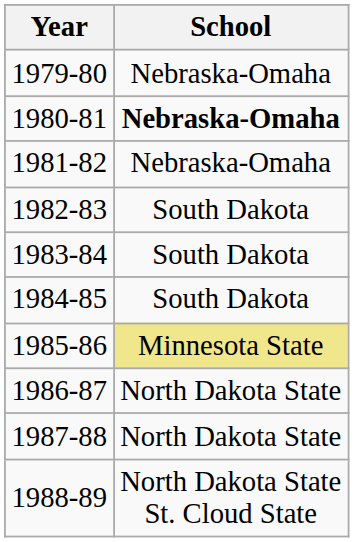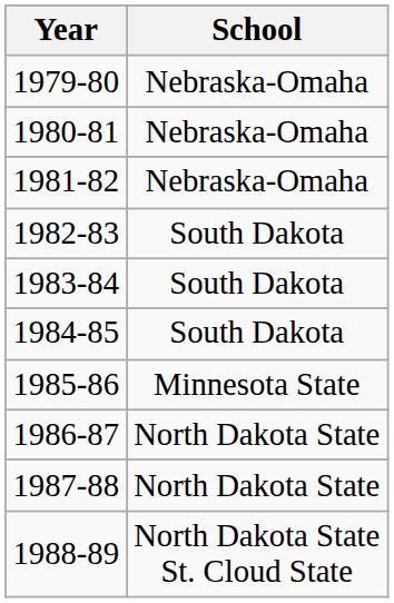 <table class="wikitable" style="text-align:center">
 <tr>
 <th>Year</th>
 <th>School</th>
 </tr>
 <tr>
 <td>1979-80</td>
 <td>Nebraska-Omaha</td>
 </tr>
 <tr>
 <td>1980-81</td>
-<td><strong>Nebraska-Omaha</strong></td>
+<td>Nebraska-Omaha</td>
 </tr>
 <tr>
 <td>1981-82</td>
 <td>Nebraska-Omaha</td>
 </tr>
 <tr>
 <td>1982-83</td>
 <td>South Dakota</td>
 </tr>
 <tr>
 <td>1983-84</td>
 <td>South Dakota</td>
 </tr>
 <tr>
 <td>1984-85</td>
 <td>South Dakota</td>
 </tr>
 <tr>
 <td>1985-86</td>
-<td style="background: khaki;">Minnesota State</td>
+<td>Minnesota State</td>
 </tr>
 <tr>
 <td>1986-87</td>
 <td>North Dakota State</td>
 </tr>
 <tr>
 <td>1987-88</td>
 <td>North Dakota State</td>
 </tr>
 <tr>
 <td>1988-89</td>
 <td>North Dakota State<br>St. Cloud State</td>
 </tr>
 </table>
